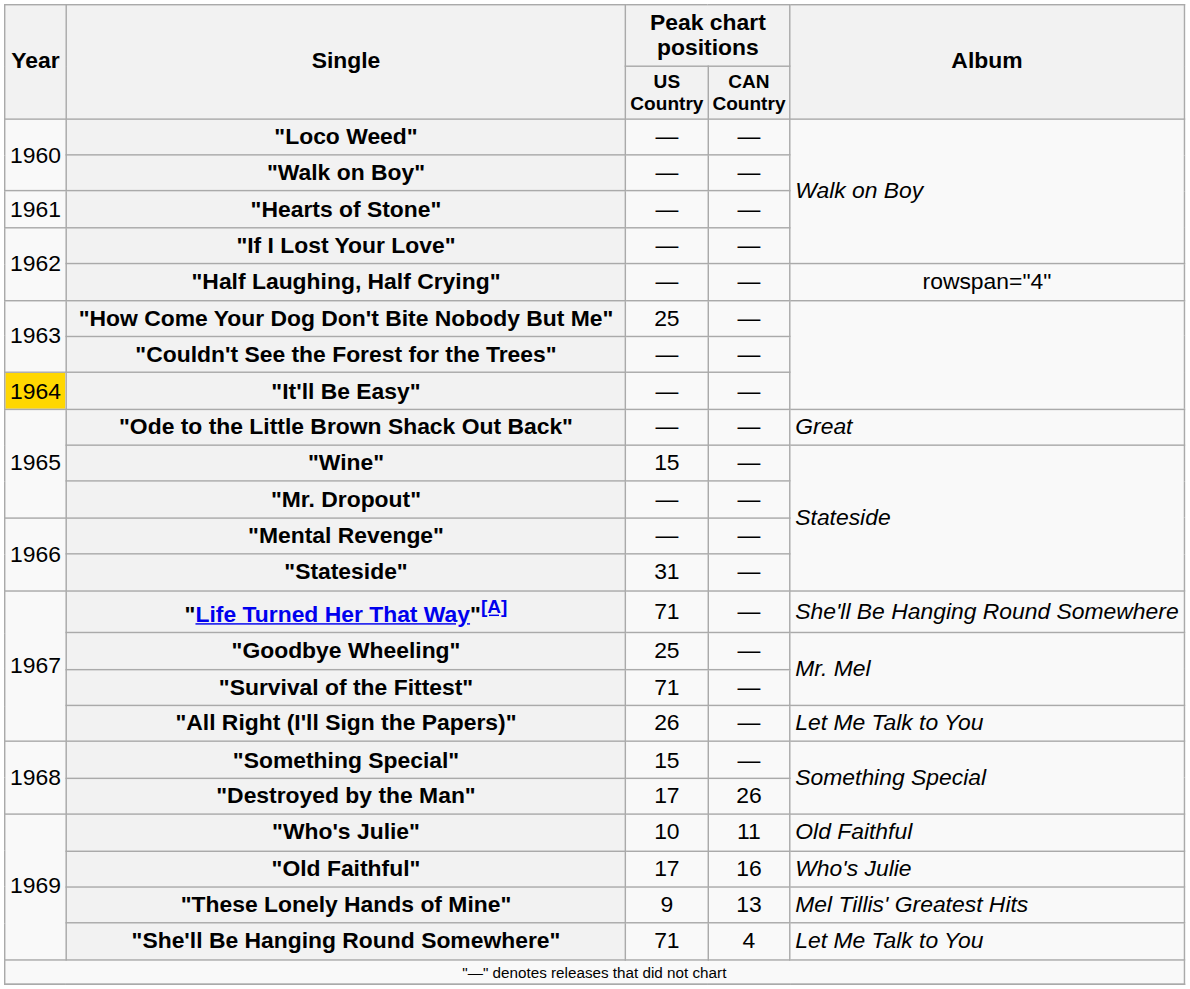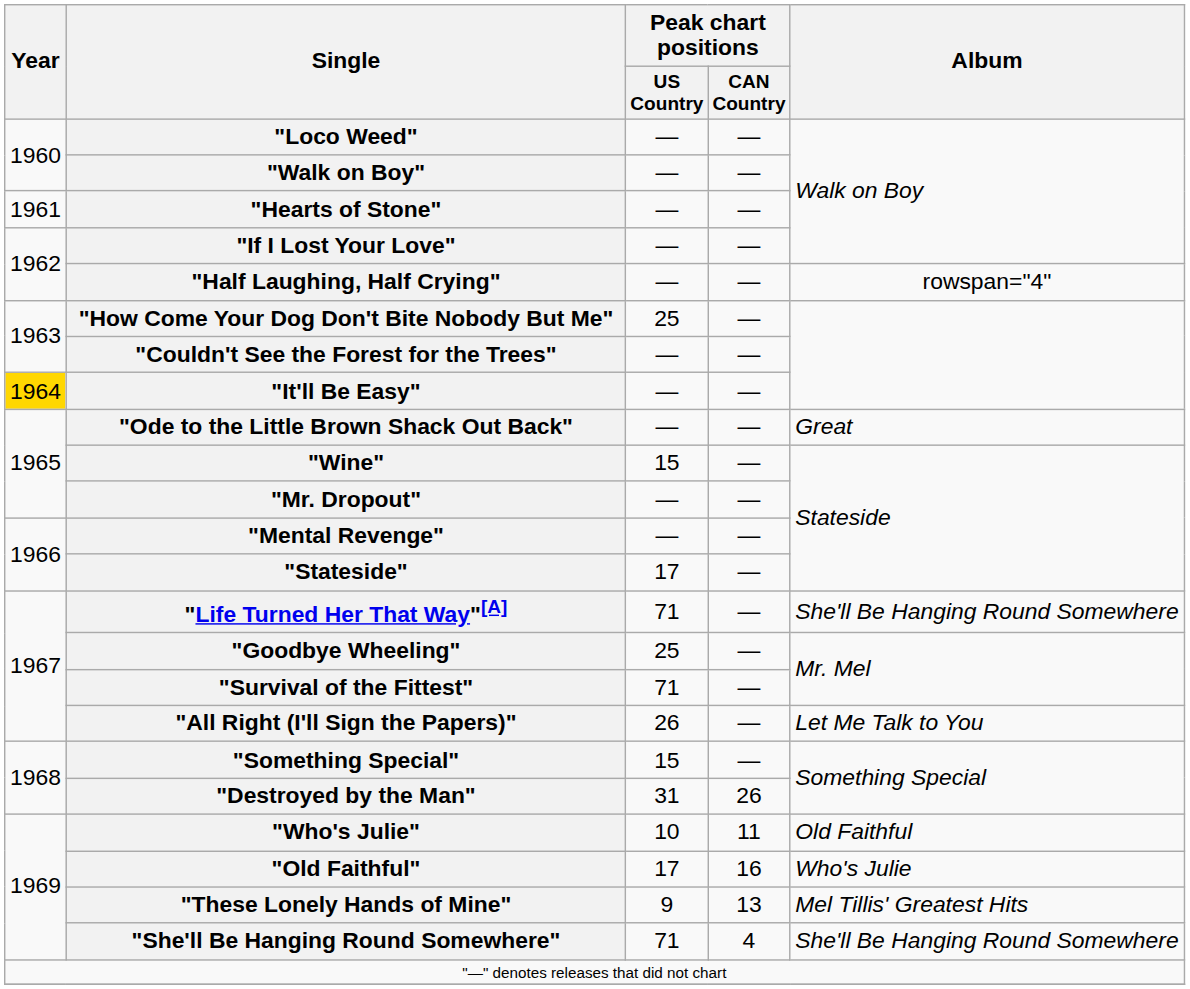 <table class="wikitable plainrowheaders" style="text-align:center;">
 <tr>
 <th rowspan="2">Year</th>
 <th rowspan="2" style="width:24em;">Single</th>
 <th colspan="2">Peak chart<br>positions</th>
 <th rowspan="2">Album</th>
 </tr>
 <tr style="font-size:smaller;">
 <th width="45">US Country<br></th>
 <th width="45">CAN Country<br></th>
 </tr>
 <tr>
 <td rowspan="2">1960</td>
 <th scope="row">"Loco Weed"</th>
 <td>—</td>
 <td>—</td>
 <td align="left" rowspan="4"><em>Walk on Boy</em></td>
 </tr>
 <tr>
 <th scope="row">"Walk on Boy"</th>
 <td>—</td>
 <td>—</td>
 </tr>
 <tr>
 <td>1961</td>
 <th scope="row">"Hearts of Stone"</th>
 <td>—</td>
 <td>—</td>
 </tr>
 <tr>
 <td rowspan="2">1962</td>
 <th scope="row">"If I Lost Your Love"</th>
 <td>—</td>
 <td>—</td>
 </tr>
 <tr>
 <th scope="row">"Half Laughing, Half Crying"</th>
 <td>—</td>
 <td>—</td>
 <td>rowspan="4" </td>
 </tr>
 <tr>
 <td rowspan="2">1963</td>
 <th scope="row">"How Come Your Dog Don't Bite Nobody But Me"<br></th>
 <td>25</td>
 <td>—</td>
 </tr>
 <tr>
 <th scope="row">"Couldn't See the Forest for the Trees"</th>
 <td>—</td>
 <td>—</td>
 </tr>
 <tr>
 <td style="background: gold;">1964</td>
 <th scope="row">"It'll Be Easy"</th>
 <td>—</td>
 <td>—</td>
 </tr>
 <tr>
 <td rowspan="3">1965</td>
 <th scope="row">"Ode to the Little Brown Shack Out Back"</th>
 <td>—</td>
 <td>—</td>
 <td align="left"><em>Great</em></td>
 </tr>
 <tr>
 <th scope="row">"Wine"</th>
 <td>15</td>
 <td>—</td>
 <td align="left" rowspan="4"><em>Stateside</em></td>
 </tr>
 <tr>
 <th scope="row">"Mr. Dropout"</th>
 <td>—</td>
 <td>—</td>
 </tr>
 <tr>
 <td rowspan="2">1966</td>
 <th scope="row">"Mental Revenge"</th>
 <td>—</td>
 <td>—</td>
 </tr>
 <tr>
 <th scope="row">"Stateside"</th>
-<td>31</td>
+<td>17</td>
 <td>—</td>
 </tr>
 <tr>
 <td rowspan="4">1967</td>
 <th scope="row">"<a href='#'>Life Turned Her That Way</a>"<sup><span></span><a href='#'><strong>[A]</strong></a></sup></th>
 <td>71</td>
 <td>—</td>
 <td align="left"><em>She'll Be Hanging Round Somewhere</em></td>
 </tr>
 <tr>
 <th scope="row">"Goodbye Wheeling"</th>
 <td>25</td>
 <td>—</td>
 <td align="left" rowspan="2"><em>Mr. Mel</em></td>
 </tr>
 <tr>
 <th scope="row">"Survival of the Fittest"</th>
 <td>71</td>
 <td>—</td>
 </tr>
 <tr>
 <th scope="row">"All Right (I'll Sign the Papers)"</th>
 <td>26</td>
 <td>—</td>
 <td align="left"><em>Let Me Talk to You</em></td>
 </tr>
 <tr>
 <td rowspan="2">1968</td>
 <th scope="row">"Something Special"</th>
 <td>15</td>
 <td>—</td>
 <td align="left" rowspan="2"><em>Something Special</em></td>
 </tr>
 <tr>
 <th scope="row">"Destroyed by the Man"</th>
-<td>17</td>
+<td>31</td>
 <td>26</td>
 </tr>
 <tr>
 <td rowspan="4">1969</td>
 <th scope="row">"Who's Julie"</th>
 <td>10</td>
 <td>11</td>
 <td align="left"><em>Old Faithful</em></td>
 </tr>
 <tr>
 <th scope="row">"Old Faithful"</th>
 <td>17</td>
 <td>16</td>
 <td align="left"><em>Who's Julie</em></td>
 </tr>
 <tr>
 <th scope="row">"These Lonely Hands of Mine"</th>
 <td>9</td>
 <td>13</td>
 <td align="left"><em>Mel Tillis' Greatest Hits</em></td>
 </tr>
 <tr>
 <th scope="row">"She'll Be Hanging Round Somewhere"</th>
 <td>71</td>
 <td>4</td>
-<td align="left"><em>Let Me Talk to You</em></td>
+<td align="left"><em>She'll Be Hanging Round Somewhere</em></td>
 </tr>
 <tr>
 <td colspan="5" style="font-size:8pt">"—" denotes releases that did not chart</td>
 </tr>
 <tr>
 </tr>
 </table>
